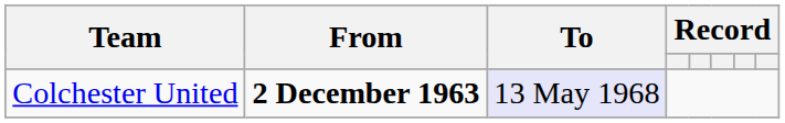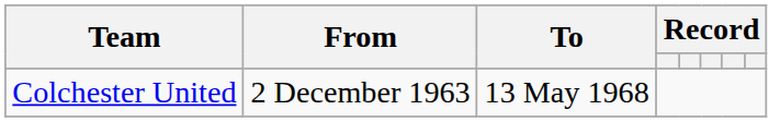 <table class=wikitable style="text-align: center">
 <tr>
 <th rowspan=2>Team</th>
 <th rowspan=2>From</th>
 <th rowspan=2>To</th>
 <th colspan=5>Record</th>
 </tr>
 <tr>
 <th></th>
 <th></th>
 <th></th>
 <th></th>
 <th></th>
 </tr>
 <tr>
 <td align=left><a href='#'>Colchester United</a></td>
-<td align=left><strong>2 December 1963</strong></td>
-<td align=left style="background: lavender;">13 May 1968<br></td>
+<td align=left>2 December 1963</td>
+<td align=left>13 May 1968<br></td>
 </tr>
 </table>
